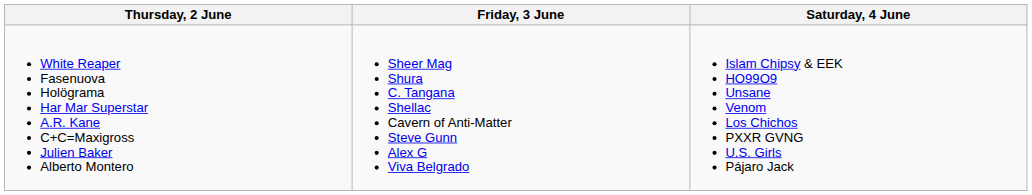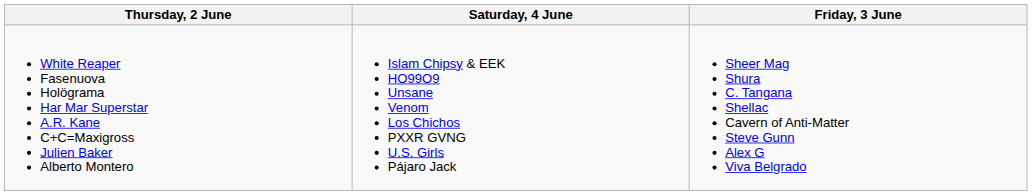 <table class="wikitable">
 <tr>
 <th width="500">Thursday, 2 June</th>
+<th width="500">Saturday, 4 June</th>
 <th width="500">Friday, 3 June</th>
-<th width="500">Saturday, 4 June</th>
 </tr>
 <tr valign="top">
 <td><br><ul><li><a href='#'>White Reaper</a></li><li>Fasenuova</li><li>Holögrama</li><li><a href='#'>Har Mar Superstar</a></li><li><a href='#'>A.R. Kane</a></li><li>C+C=Maxigross</li><li><a href='#'>Julien Baker</a></li><li>Alberto Montero</li></ul></td>
+<td><br><ul><li><a href='#'>Islam Chipsy</a> & EEK</li><li><a href='#'>HO99O9</a></li><li><a href='#'>Unsane</a></li><li><a href='#'>Venom</a></li><li><a href='#'>Los Chichos</a></li><li>PXXR GVNG</li><li><a href='#'>U.S. Girls</a></li><li>Pájaro Jack</li></ul></td>
 <td><br><ul><li><a href='#'>Sheer Mag</a></li><li><a href='#'>Shura</a></li><li><a href='#'>C. Tangana</a></li><li><a href='#'>Shellac</a></li><li>Cavern of Anti-Matter</li><li><a href='#'>Steve Gunn</a></li><li><a href='#'>Alex G</a></li><li><a href='#'>Viva Belgrado</a></li></ul></td>
-<td><br><ul><li><a href='#'>Islam Chipsy</a> & EEK</li><li><a href='#'>HO99O9</a></li><li><a href='#'>Unsane</a></li><li><a href='#'>Venom</a></li><li><a href='#'>Los Chichos</a></li><li>PXXR GVNG</li><li><a href='#'>U.S. Girls</a></li><li>Pájaro Jack</li></ul></td>
 </tr>
 </table>
